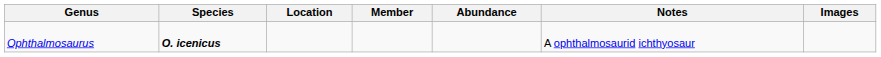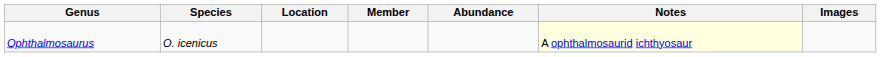 <table class="wikitable" align="center" width="100%">
 <tr>
 <th>Genus</th>
 <th>Species</th>
 <th>Location</th>
 <th>Member</th>
 <th>Abundance</th>
 <th>Notes</th>
 <th>Images</th>
 </tr>
 <tr>
 <td><br><em><a href='#'>Ophthalmosaurus</a></em></td>
-<td><strong><br><em>O. icenicus</em></strong></td>
+<td><br><em>O. icenicus</em></td>
 <td></td>
 <td></td>
 <td></td>
-<td><br>A <a href='#'>ophthalmosaurid</a> <a href='#'>ichthyosaur</a></td>
+<td style="background: lightyellow;"><br>A <a href='#'>ophthalmosaurid</a> <a href='#'>ichthyosaur</a></td>
 </tr>
 </table>
